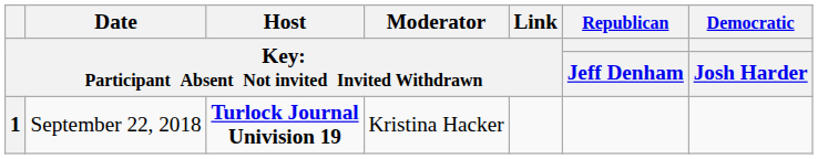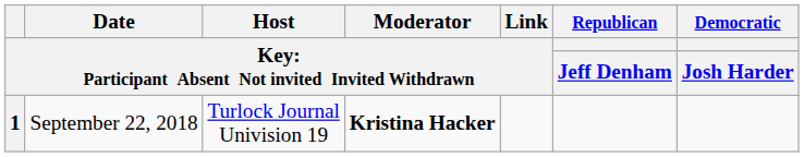 <table class="wikitable" style="text-align:center;">
 <tr>
 <th scope="col"></th>
 <th scope="col">Date</th>
 <th scope="col">Host</th>
 <th scope="col">Moderator</th>
 <th scope="col">Link</th>
 <th scope="col"><small><a href='#'>Republican</a></small></th>
 <th scope="col"><small><a href='#'>Democratic</a></small></th>
 </tr>
 <tr>
 <th colspan="5" rowspan="2">Key:<br> <small>Participant </small>  <small>Absent </small>  <small>Not invited </small>  <small>Invited  Withdrawn</small></th>
 <th scope="col" style="background:"></th>
 <th scope="col" style="background:"></th>
 </tr>
 <tr>
 <th scope="col"><a href='#'>Jeff Denham</a></th>
 <th scope="col"><a href='#'>Josh Harder</a></th>
 </tr>
 <tr>
 <th>1</th>
 <td style="white-space:nowrap;">September 22, 2018</td>
-<td style="white-space:nowrap;"><strong><a href='#'>Turlock Journal</a><br>Univision 19</strong></td>
-<td style="white-space:nowrap;">Kristina Hacker</td>
+<td style="white-space:nowrap;"><a href='#'>Turlock Journal</a><br>Univision 19</td>
+<td style="white-space:nowrap;"><strong>Kristina Hacker</strong></td>
 <td style="white-space:nowrap;"></td>
 <td></td>
 <td></td>
 </tr>
 </table>
